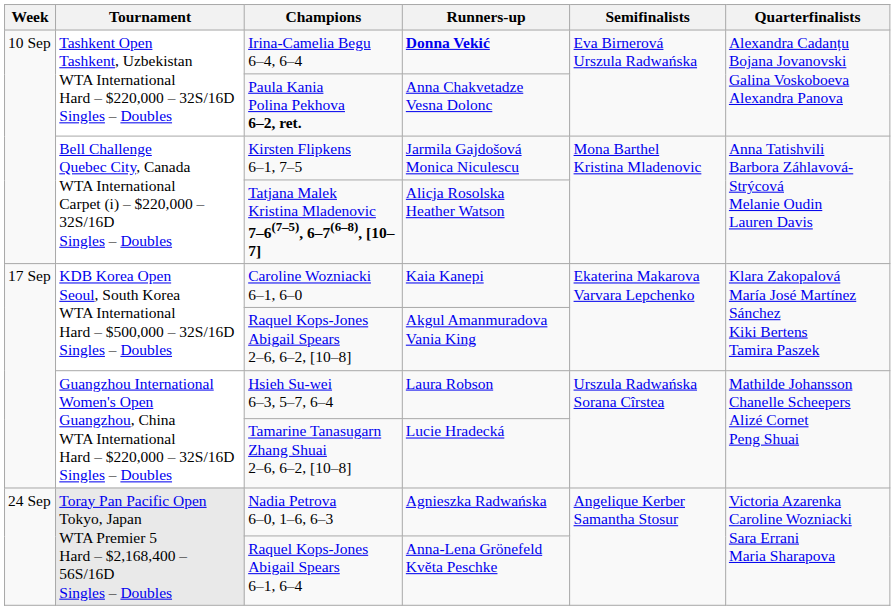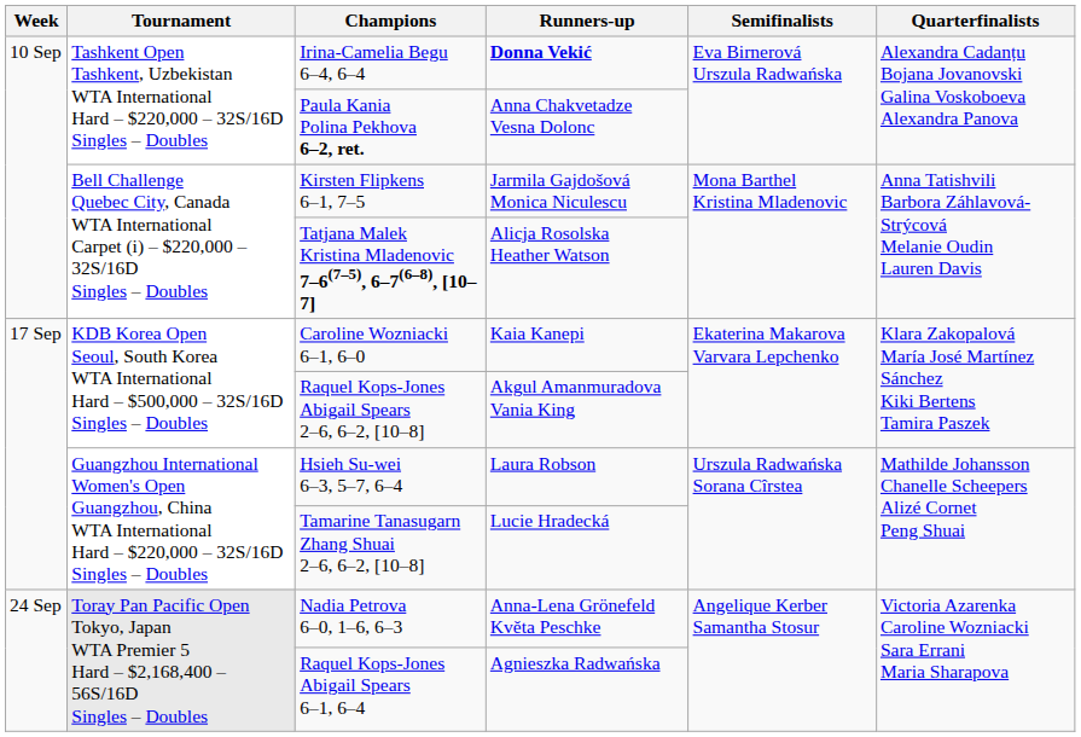 <table class=wikitable style=font-size:95%>
 <tr>
 <th style="width:48px;">Week</th>
 <th style="width:248px;">Tournament</th>
 <th style="width:200px;">Champions</th>
 <th style="width:200px;">Runners-up</th>
 <th style="width:190px;">Semifinalists</th>
 <th style="width:190px;">Quarterfinalists</th>
 </tr>
 <tr valign=top>
 <td rowspan=4>10 Sep</td>
 <td style="background:#fff;" rowspan="2"><a href='#'>Tashkent Open</a><br><a href='#'>Tashkent</a>, Uzbekistan<br>WTA International<br>Hard – $220,000 – 32S/16D<br><a href='#'>Singles</a> – <a href='#'>Doubles</a></td>
 <td> <a href='#'>Irina-Camelia Begu</a> <br> 6–4, 6–4</td>
 <td><strong> <a href='#'>Donna Vekić</a></strong></td>
 <td rowspan=2> <a href='#'>Eva Birnerová</a> <br>  <a href='#'>Urszula Radwańska</a></td>
 <td rowspan=2> <a href='#'>Alexandra Cadanțu</a> <br>  <a href='#'>Bojana Jovanovski</a> <br>  <a href='#'>Galina Voskoboeva</a><br>  <a href='#'>Alexandra Panova</a></td>
 </tr>
 <tr valign=top>
 <td> <a href='#'>Paula Kania</a> <br>  <a href='#'>Polina Pekhova</a> <strong><br> 6–2, ret. </strong></td>
 <td> <a href='#'>Anna Chakvetadze</a> <br>  <a href='#'>Vesna Dolonc</a></td>
 </tr>
 <tr valign=top>
 <td style="background:#fff;" rowspan="2"><a href='#'>Bell Challenge</a><br><a href='#'>Quebec City</a>, Canada<br>WTA International<br>Carpet (i) – $220,000 – 32S/16D<br><a href='#'>Singles</a> – <a href='#'>Doubles</a></td>
 <td> <a href='#'>Kirsten Flipkens</a> <br> 6–1, 7–5</td>
 <td> <a href='#'>Jarmila Gajdošová</a> <br>  <a href='#'>Monica Niculescu</a></td>
 <td rowspan=2> <a href='#'>Mona Barthel</a> <br>  <a href='#'>Kristina Mladenovic</a></td>
 <td rowspan=2> <a href='#'>Anna Tatishvili</a> <br>   <a href='#'>Barbora Záhlavová-Strýcová</a> <br>  <a href='#'>Melanie Oudin</a> <br>  <a href='#'>Lauren Davis</a></td>
 </tr>
 <tr valign=top>
 <td> <a href='#'>Tatjana Malek</a> <br>  <a href='#'>Kristina Mladenovic</a> <strong><br> 7–6<sup>(7–5)</sup>, 6–7<sup>(6–8)</sup>, [10–7] </strong></td>
 <td> <a href='#'>Alicja Rosolska</a> <br>  <a href='#'>Heather Watson</a></td>
 </tr>
 <tr valign=top>
 <td rowspan=4>17 Sep</td>
 <td style="background:#fff;" rowspan="2"><a href='#'>KDB Korea Open</a><br><a href='#'>Seoul</a>, South Korea<br>WTA International<br>Hard – $500,000 – 32S/16D<br><a href='#'>Singles</a> – <a href='#'>Doubles</a></td>
 <td> <a href='#'>Caroline Wozniacki</a> <br> 6–1, 6–0</td>
 <td> <a href='#'>Kaia Kanepi</a></td>
 <td rowspan=2> <a href='#'>Ekaterina Makarova</a> <br>  <a href='#'>Varvara Lepchenko</a></td>
 <td rowspan=2> <a href='#'>Klara Zakopalová</a> <br>  <a href='#'>María José Martínez Sánchez</a> <br>  <a href='#'>Kiki Bertens</a> <br>  <a href='#'>Tamira Paszek</a></td>
 </tr>
 <tr valign=top>
 <td> <a href='#'>Raquel Kops-Jones</a> <br>  <a href='#'>Abigail Spears</a> <br> 2–6, 6–2, [10–8]</td>
 <td> <a href='#'>Akgul Amanmuradova</a> <br>  <a href='#'>Vania King</a></td>
 </tr>
 <tr valign=top>
 <td style="background:#fff;" rowspan="2"><a href='#'>Guangzhou International Women's Open</a><br><a href='#'>Guangzhou</a>, China<br>WTA International<br>Hard – $220,000 – 32S/16D<br><a href='#'>Singles</a> – <a href='#'>Doubles</a></td>
 <td> <a href='#'>Hsieh Su-wei</a> <br> 6–3, 5–7, 6–4</td>
 <td> <a href='#'>Laura Robson</a></td>
 <td rowspan=2> <a href='#'>Urszula Radwańska</a> <br>  <a href='#'>Sorana Cîrstea</a></td>
 <td rowspan=2> <a href='#'>Mathilde Johansson</a> <br>  <a href='#'>Chanelle Scheepers</a> <br>  <a href='#'>Alizé Cornet</a> <br>  <a href='#'>Peng Shuai</a></td>
 </tr>
 <tr valign=top>
 <td> <a href='#'>Tamarine Tanasugarn</a> <br>  <a href='#'>Zhang Shuai</a> <br> 2–6, 6–2, [10–8]</td>
 <td> <a href='#'>Lucie Hradecká</a></td>
 </tr>
 <tr valign=top>
 <td rowspan=2>24 Sep</td>
 <td style="background:#E9E9E9;" rowspan="2"><a href='#'>Toray Pan Pacific Open</a><br>Tokyo, Japan<br>WTA Premier 5<br>Hard – $2,168,400 – 56S/16D<br><a href='#'>Singles</a> – <a href='#'>Doubles</a></td>
 <td> <a href='#'>Nadia Petrova</a> <br> 6–0, 1–6, 6–3</td>
-<td> <a href='#'>Agnieszka Radwańska</a></td>
+<td> <a href='#'>Anna-Lena Grönefeld</a> <br>  <a href='#'>Květa Peschke</a></td>
 <td rowspan=2> <a href='#'>Angelique Kerber</a> <br>  <a href='#'>Samantha Stosur</a></td>
 <td rowspan=2> <a href='#'>Victoria Azarenka</a> <br>  <a href='#'>Caroline Wozniacki</a> <br>  <a href='#'>Sara Errani</a> <br>  <a href='#'>Maria Sharapova</a></td>
 </tr>
 <tr valign=top>
 <td> <a href='#'>Raquel Kops-Jones</a> <br>  <a href='#'>Abigail Spears</a> <br> 6–1, 6–4</td>
-<td> <a href='#'>Anna-Lena Grönefeld</a> <br>  <a href='#'>Květa Peschke</a></td>
+<td> <a href='#'>Agnieszka Radwańska</a></td>
 </tr>
 </table>
